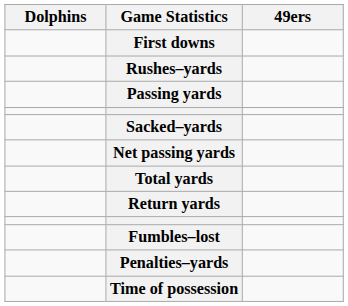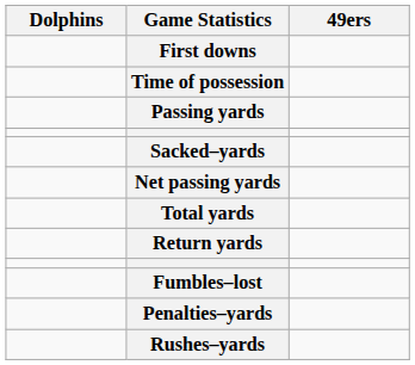 <table class="wikitable" style="margin: 1em auto 1em auto">
 <tr>
 <th style="width:30%;">Dolphins</th>
 <th style="width:40%;">Game Statistics</th>
 <th style="width:30%;">49ers</th>
 </tr>
 <tr>
 <td style="text-align:right;"></td>
 <th>First downs</th>
 <td></td>
 </tr>
 <tr>
 <td style="text-align:right;"></td>
-<th>Rushes–yards</th>
+<th>Time of possession</th>
 <td></td>
 </tr>
 <tr>
 <td style="text-align:right;"></td>
 <th>Passing yards</th>
 <td></td>
 </tr>
 <tr>
 <td style="text-align:right;"></td>
 <th></th>
 <td></td>
 </tr>
 <tr>
 <td style="text-align:right;"></td>
 <th>Sacked–yards</th>
 <td></td>
 </tr>
 <tr>
 <td style="text-align:right;"></td>
 <th>Net passing yards</th>
 <td></td>
 </tr>
 <tr>
 <td style="text-align:right;"></td>
 <th>Total yards</th>
 <td></td>
 </tr>
 <tr>
 <td style="text-align:right;"></td>
 <th>Return yards</th>
 <td></td>
 </tr>
 <tr>
 <td style="text-align:right;"></td>
 <th></th>
 <td></td>
 </tr>
 <tr>
 <td style="text-align:right;"></td>
 <th>Fumbles–lost</th>
 <td></td>
 </tr>
 <tr>
 <td style="text-align:right;"></td>
 <th>Penalties–yards</th>
 <td></td>
 </tr>
 <tr>
 <td style="text-align:right;"></td>
-<th>Time of possession</th>
+<th>Rushes–yards</th>
 <td></td>
 </tr>
 </table>
